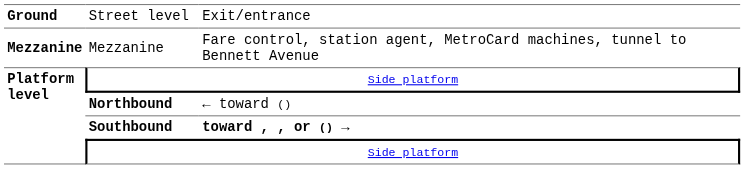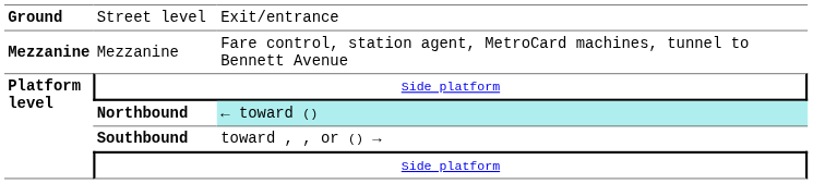 <table border=0 cellspacing=0 cellpadding=3>
 <tr>
 <td style="border-top:solid 1px gray;" width=50><strong>Ground</strong></td>
 <td style="border-top:solid 1px gray;" width=100>Street level</td>
 <td style="border-top:solid 1px gray;" width=500>Exit/entrance<br></td>
 </tr>
 <tr>
 <td style="border-top:solid 1px gray;"><strong>Mezzanine</strong></td>
 <td style="border-top:solid 1px gray;">Mezzanine</td>
 <td style="border-top:solid 1px gray;">Fare control, station agent, MetroCard machines, tunnel to Bennett Avenue</td>
 </tr>
 <tr>
 <td style="border-top:solid 1px gray;border-bottom:solid 1px gray;" rowspan=4 valign=top><strong>Platform level</strong></td>
 <td style="border-top:solid 1px gray;border-right:solid 2px black;border-left:solid 2px black;border-bottom:solid 2px black;text-align:center;" colspan=2><small><a href='#'>Side platform</a></small></td>
 </tr>
 <tr>
 <td style="border-bottom:solid 1px gray;"><span><strong>Northbound</strong></span></td>
-<td style="border-bottom:solid 1px gray;">←  toward  <small>()</small></td>
+<td style="background: paleturquoise; border-bottom:solid 1px gray;">←  toward  <small>()</small></td>
 </tr>
 <tr =>
 <td><span><strong>Southbound</strong></span></td>
-<td><strong>  toward , , or <small>()</small> →</strong></td>
+<td>  toward , , or <small>()</small> →</td>
 </tr>
 <tr>
 <td style="border-top:solid 2px black;border-right:solid 2px black;border-left:solid 2px black;border-bottom:solid 1px gray;text-align:center;" colspan=2><small><a href='#'>Side platform</a></small></td>
 </tr>
 </table>
